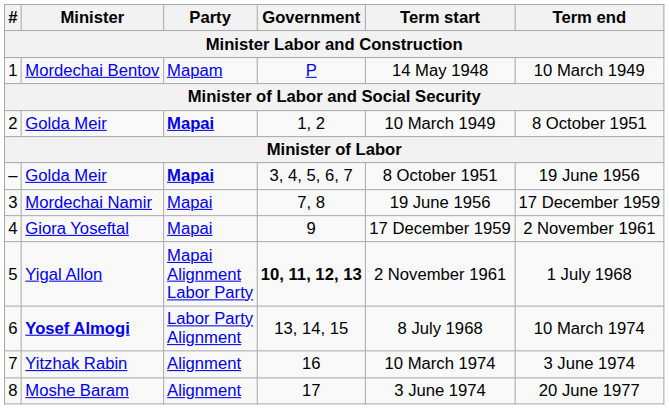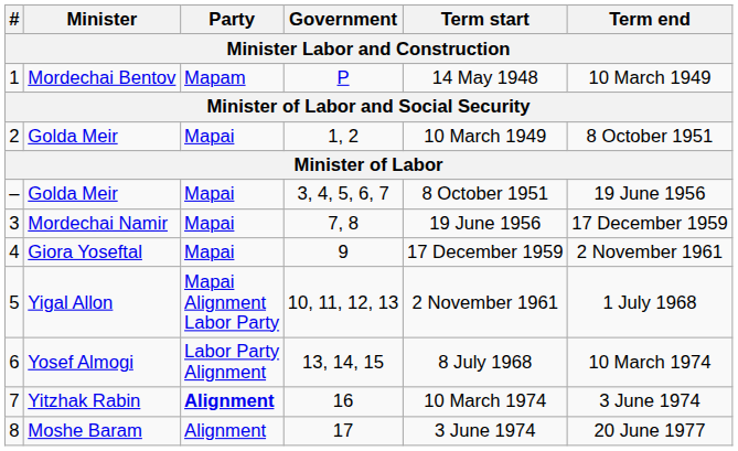 <table class=wikitable style=text-align:center>
 <tr>
 <th>#</th>
 <th>Minister</th>
 <th>Party</th>
 <th>Government</th>
 <th>Term start</th>
 <th>Term end</th>
 </tr>
 <tr>
 <th colspan=6>Minister Labor and Construction</th>
 </tr>
 <tr>
 <td>1</td>
 <td align=left><a href='#'>Mordechai Bentov</a></td>
 <td align=left><a href='#'>Mapam</a></td>
 <td><a href='#'>P</a></td>
 <td>14 May 1948</td>
 <td>10 March 1949</td>
 </tr>
 <tr>
 <th colspan=6>Minister of Labor and Social Security</th>
 </tr>
 <tr>
 <td>2</td>
 <td align=left><a href='#'>Golda Meir</a></td>
-<td align=left><strong><a href='#'>Mapai</a></strong></td>
+<td align=left><a href='#'>Mapai</a></td>
 <td>1, 2</td>
 <td>10 March 1949</td>
 <td>8 October 1951</td>
 </tr>
 <tr>
 <th colspan=6>Minister of Labor</th>
 </tr>
 <tr>
 <td>–</td>
 <td align=left><a href='#'>Golda Meir</a></td>
-<td align=left><strong><a href='#'>Mapai</a></strong></td>
+<td align=left><a href='#'>Mapai</a></td>
 <td>3, 4, 5, 6, 7</td>
 <td>8 October 1951</td>
 <td>19 June 1956</td>
 </tr>
 <tr>
 <td>3</td>
 <td align=left><a href='#'>Mordechai Namir</a></td>
 <td align=left><a href='#'>Mapai</a></td>
 <td>7, 8</td>
 <td>19 June 1956</td>
 <td>17 December 1959</td>
 </tr>
 <tr>
 <td>4</td>
 <td align=left><a href='#'>Giora Yoseftal</a></td>
 <td align=left><a href='#'>Mapai</a></td>
 <td>9</td>
 <td>17 December 1959</td>
 <td>2 November 1961</td>
 </tr>
 <tr>
 <td>5</td>
 <td align=left><a href='#'>Yigal Allon</a></td>
 <td align=left><a href='#'>Mapai</a><br><a href='#'>Alignment</a><br><a href='#'>Labor Party</a></td>
-<td><strong>10, 11, 12, 13</strong></td>
+<td>10, 11, 12, 13</td>
 <td>2 November 1961</td>
 <td>1 July 1968</td>
 </tr>
 <tr>
 <td>6</td>
-<td align=left><strong><a href='#'>Yosef Almogi</a></strong></td>
+<td align=left><a href='#'>Yosef Almogi</a></td>
 <td align=left><a href='#'>Labor Party</a><br><a href='#'>Alignment</a></td>
 <td>13, 14, 15</td>
 <td>8 July 1968</td>
 <td>10 March 1974</td>
 </tr>
 <tr>
 <td>7</td>
 <td align=left><a href='#'>Yitzhak Rabin</a></td>
-<td align=left><a href='#'>Alignment</a></td>
+<td align=left><strong><a href='#'>Alignment</a></strong></td>
 <td>16</td>
 <td>10 March 1974</td>
 <td>3 June 1974</td>
 </tr>
 <tr>
 <td>8</td>
 <td align=left><a href='#'>Moshe Baram</a></td>
 <td align=left><a href='#'>Alignment</a></td>
 <td>17</td>
 <td>3 June 1974</td>
 <td>20 June 1977</td>
 </tr>
 </table>
